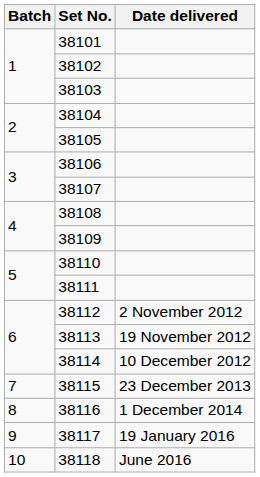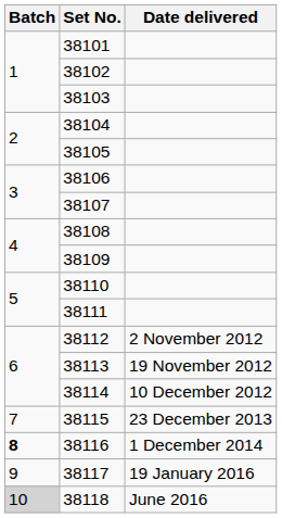 <table class="wikitable">
 <tr>
 <th>Batch</th>
 <th>Set No.</th>
 <th>Date delivered</th>
 </tr>
 <tr>
 <td rowspan="3">1</td>
 <td>38101</td>
 <td></td>
 </tr>
 <tr>
 <td>38102</td>
 <td></td>
 </tr>
 <tr>
 <td>38103</td>
 <td></td>
 </tr>
 <tr>
 <td rowspan="2">2</td>
 <td>38104</td>
 <td></td>
 </tr>
 <tr>
 <td>38105</td>
 <td></td>
 </tr>
 <tr>
 <td rowspan="2">3</td>
 <td>38106</td>
 <td></td>
 </tr>
 <tr>
 <td>38107</td>
 <td></td>
 </tr>
 <tr>
 <td rowspan="2">4</td>
 <td>38108</td>
 <td></td>
 </tr>
 <tr>
 <td>38109</td>
 <td></td>
 </tr>
 <tr>
 <td rowspan="2">5</td>
 <td>38110</td>
 <td></td>
 </tr>
 <tr>
 <td>38111</td>
 <td></td>
 </tr>
 <tr>
 <td rowspan="3">6</td>
 <td>38112</td>
 <td>2 November 2012</td>
 </tr>
 <tr>
 <td>38113</td>
 <td>19 November 2012</td>
 </tr>
 <tr>
 <td>38114</td>
 <td>10 December 2012</td>
 </tr>
 <tr>
 <td>7</td>
 <td>38115</td>
 <td>23 December 2013</td>
 </tr>
 <tr>
-<td>8</td>
+<td><strong>8</strong></td>
 <td>38116</td>
 <td>1 December 2014</td>
 </tr>
 <tr>
 <td>9</td>
 <td>38117</td>
 <td>19 January 2016</td>
 </tr>
 <tr>
-<td>10</td>
+<td style="background: lightgrey;">10</td>
 <td>38118</td>
 <td>June 2016</td>
 </tr>
 </table>
